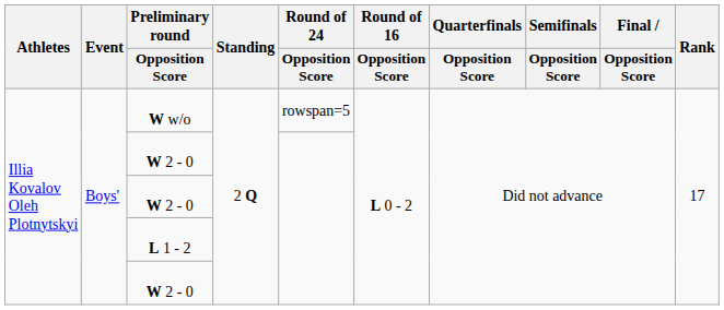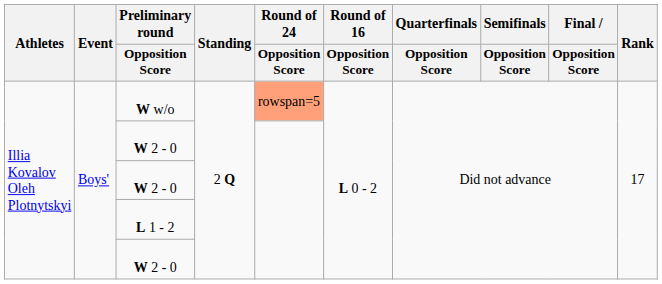 <table class=wikitable style="font-size:90%">
 <tr>
 <th rowspan="2">Athletes</th>
 <th rowspan="2">Event</th>
 <th>Preliminary round</th>
 <th rowspan="2">Standing</th>
 <th>Round of 24</th>
 <th>Round of 16</th>
 <th>Quarterfinals</th>
 <th>Semifinals</th>
 <th>Final / </th>
 <th rowspan=2>Rank</th>
 </tr>
 <tr style="font-size:95%">
 <th>Opposition<br>Score</th>
 <th>Opposition<br>Score</th>
 <th>Opposition<br>Score</th>
 <th>Opposition<br>Score</th>
 <th>Opposition<br>Score</th>
 <th>Opposition<br>Score</th>
 </tr>
 <tr align=center>
 <td align=left rowspan=5><a href='#'>Illia Kovalov</a><br><a href='#'>Oleh Plotnytskyi</a></td>
 <td align=left rowspan=5><a href='#'>Boys'</a></td>
 <td><br><strong>W</strong> w/o</td>
 <td rowspan=5>2 <strong>Q</strong></td>
-<td>rowspan=5 </td>
+<td style="background: lightsalmon;">rowspan=5 </td>
 <td rowspan=5><br><strong>L</strong> 0 - 2</td>
 <td rowspan=5 colspan=3>Did not advance</td>
 <td rowspan=5>17</td>
 </tr>
 <tr align=center>
 <td><br><strong>W</strong> 2 - 0</td>
 </tr>
 <tr align=center>
 <td><br><strong>W</strong> 2 - 0</td>
 </tr>
 <tr align=center>
 <td><br><strong>L</strong> 1 - 2</td>
 </tr>
 <tr align=center>
 <td><br><strong>W</strong> 2 - 0</td>
 </tr>
 </table>
